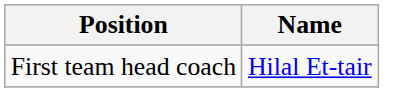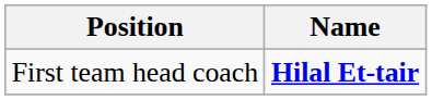 <table class="wikitable" style="text-align:center;">
 <tr>
 <th>Position</th>
 <th>Name</th>
 </tr>
 <tr>
 <td style="text-align:left;">First team head coach</td>
-<td style="text-align:left;"> <a href='#'>Hilal Et-tair</a></td>
+<td style="text-align:left;"><strong> <a href='#'>Hilal Et-tair</a></strong></td>
 </tr>
 </table>
